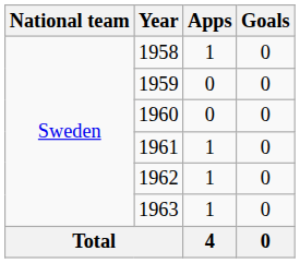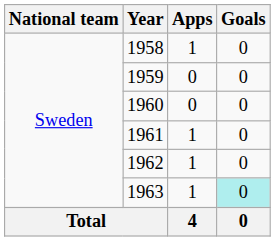 <table class="wikitable" style="text-align:center">
 <tr>
 <th>National team</th>
 <th>Year</th>
 <th>Apps</th>
 <th>Goals</th>
 </tr>
 <tr>
 <td rowspan="6"><a href='#'>Sweden</a></td>
 <td>1958</td>
 <td>1</td>
 <td>0</td>
 </tr>
 <tr>
 <td>1959</td>
 <td>0</td>
 <td>0</td>
 </tr>
 <tr>
 <td>1960</td>
 <td>0</td>
 <td>0</td>
 </tr>
 <tr>
 <td>1961</td>
 <td>1</td>
 <td>0</td>
 </tr>
 <tr>
 <td>1962</td>
 <td>1</td>
 <td>0</td>
 </tr>
 <tr>
 <td>1963</td>
 <td>1</td>
-<td>0</td>
+<td style="background: paleturquoise;">0</td>
 </tr>
 <tr>
 <th colspan="2">Total</th>
 <th>4</th>
 <th>0</th>
 </tr>
 </table>
